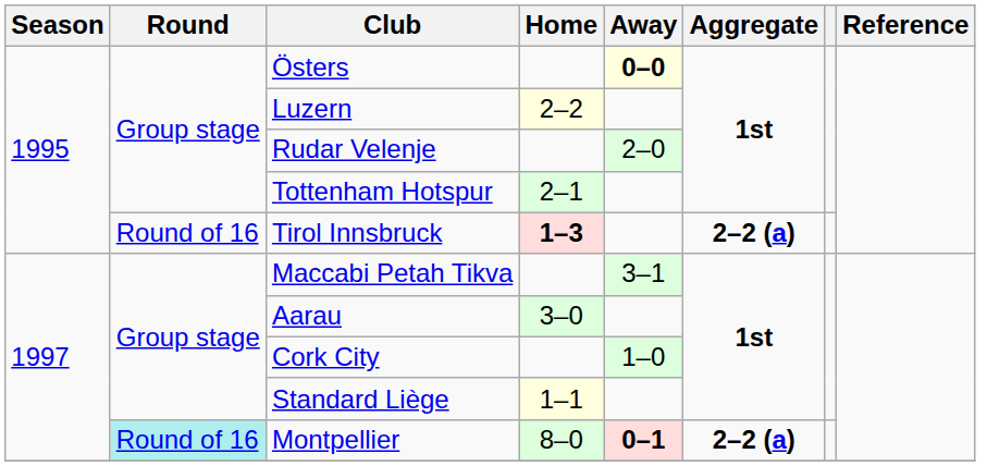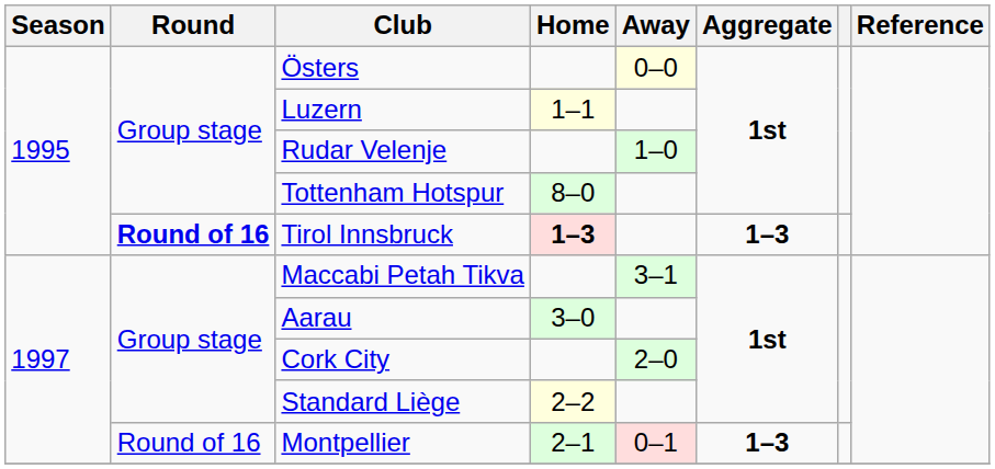 <table class="wikitable" style="text-align:left">
 <tr>
 <th>Season</th>
 <th>Round</th>
 <th>Club</th>
 <th>Home</th>
 <th>Away</th>
 <th>Aggregate</th>
 <th></th>
 <th>Reference</th>
 </tr>
 <tr>
 <td rowspan=5><a href='#'>1995</a></td>
 <td rowspan=4><a href='#'>Group stage</a></td>
 <td> <a href='#'>Östers</a></td>
 <td></td>
-<td style="text-align:center; background:#ffd;"><strong>0–0</strong></td>
+<td style="text-align:center; background:#ffd;">0–0</td>
 <td style="text-align:center;" rowspan=4><strong>1st</strong></td>
 <td rowspan="4"></td>
 <td rowspan=5 style="text-align:center;"></td>
 </tr>
 <tr>
 <td> <a href='#'>Luzern</a></td>
-<td style="text-align:center; background:#ffd;">2–2</td>
+<td style="text-align:center; background:#ffd;">1–1</td>
 <td></td>
 </tr>
 <tr>
 <td> <a href='#'>Rudar Velenje</a></td>
 <td></td>
-<td style="text-align:center; background:#dfd;">2–0</td>
+<td style="text-align:center; background:#dfd;">1–0</td>
 </tr>
 <tr>
 <td> <a href='#'>Tottenham Hotspur</a></td>
-<td style="text-align:center; background:#dfd;">2–1</td>
+<td style="text-align:center; background:#dfd;">8–0</td>
 <td></td>
 </tr>
 <tr>
-<td><a href='#'>Round of 16</a></td>
+<td><strong><a href='#'>Round of 16</a></strong></td>
 <td> <a href='#'>Tirol Innsbruck</a></td>
 <td style="text-align:center; background:#fdd;"><strong>1–3</strong></td>
 <td></td>
-<td style="text-align:center;"><strong>2–2 (<a href='#'>a</a>)</strong></td>
+<td style="text-align:center;"><strong>1–3</strong></td>
 <td></td>
 </tr>
 <tr>
 <td rowspan=5><a href='#'>1997</a></td>
 <td rowspan=4><a href='#'>Group stage</a></td>
 <td> <a href='#'>Maccabi Petah Tikva</a></td>
 <td></td>
 <td style="text-align:center; background:#dfd;">3–1</td>
 <td style="text-align:center;" rowspan=4><strong>1st</strong></td>
 <td rowspan="4"></td>
 <td rowspan=5 style="text-align:center;"></td>
 </tr>
 <tr>
 <td> <a href='#'>Aarau</a></td>
 <td style="text-align:center; background:#dfd;">3–0</td>
 <td></td>
 </tr>
 <tr>
 <td> <a href='#'>Cork City</a></td>
 <td></td>
-<td style="text-align:center; background:#dfd;">1–0</td>
+<td style="text-align:center; background:#dfd;">2–0</td>
 </tr>
 <tr>
 <td> <a href='#'>Standard Liège</a></td>
-<td style="text-align:center; background:#ffd;">1–1</td>
+<td style="text-align:center; background:#ffd;">2–2</td>
 <td></td>
 </tr>
 <tr>
-<td style="background: paleturquoise;"><a href='#'>Round of 16</a></td>
+<td><a href='#'>Round of 16</a></td>
 <td> <a href='#'>Montpellier</a></td>
-<td style="text-align:center; background:#dfd;">8–0</td>
-<td style="text-align:center; background:#fdd;"><strong>0–1</strong></td>
-<td style="text-align:center;"><strong>2–2 (<a href='#'>a</a>)</strong></td>
+<td style="text-align:center; background:#dfd;">2–1</td>
+<td style="text-align:center; background:#fdd;">0–1</td>
+<td style="text-align:center;"><strong>1–3</strong></td>
 <td></td>
 </tr>
 <tr>
 </tr>
 </table>
